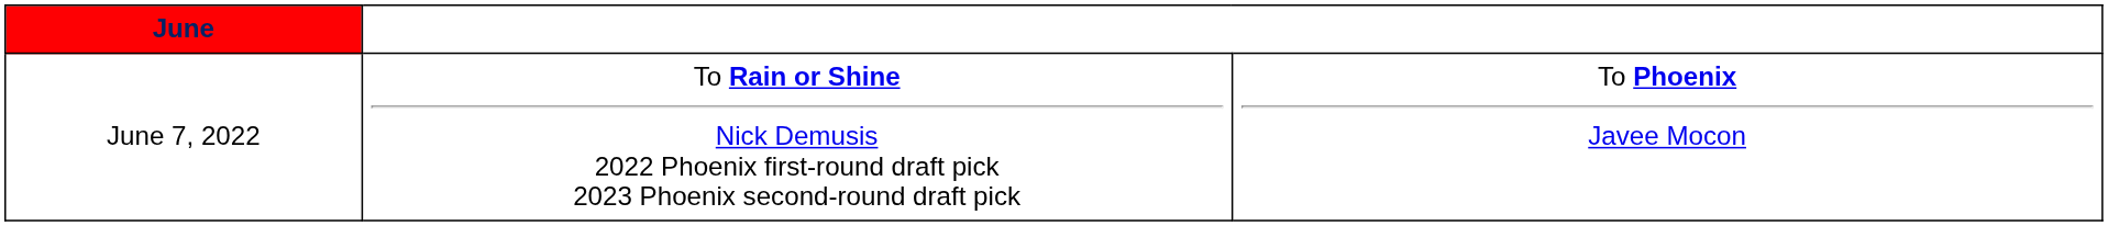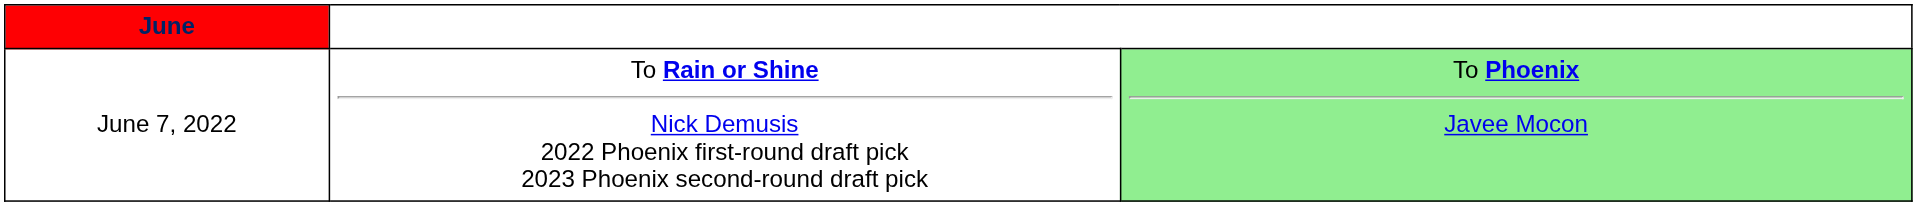 <table border=1 style="border-collapse:collapse; text-align: center; width: 100%" bordercolor="#000000"  cellpadding="5">
 <tr bgcolor="eeeeee">
 <th style="background:#FE0003; color:#002366; ">June</th>
 </tr>
 <tr>
 <td style="width:12%">June 7, 2022</td>
 <td style="width:29.3%" valign="top">To <strong><a href='#'>Rain or Shine</a></strong><hr><a href='#'>Nick Demusis</a><br>2022 Phoenix first-round draft pick<br>2023 Phoenix second-round draft pick</td>
-<td style="width:29.3%" valign="top">To <strong><a href='#'>Phoenix</a></strong><hr><a href='#'>Javee Mocon</a></td>
+<td style="background: lightgreen; width:29.3%" valign="top">To <strong><a href='#'>Phoenix</a></strong><hr><a href='#'>Javee Mocon</a></td>
 </tr>
 </table>
